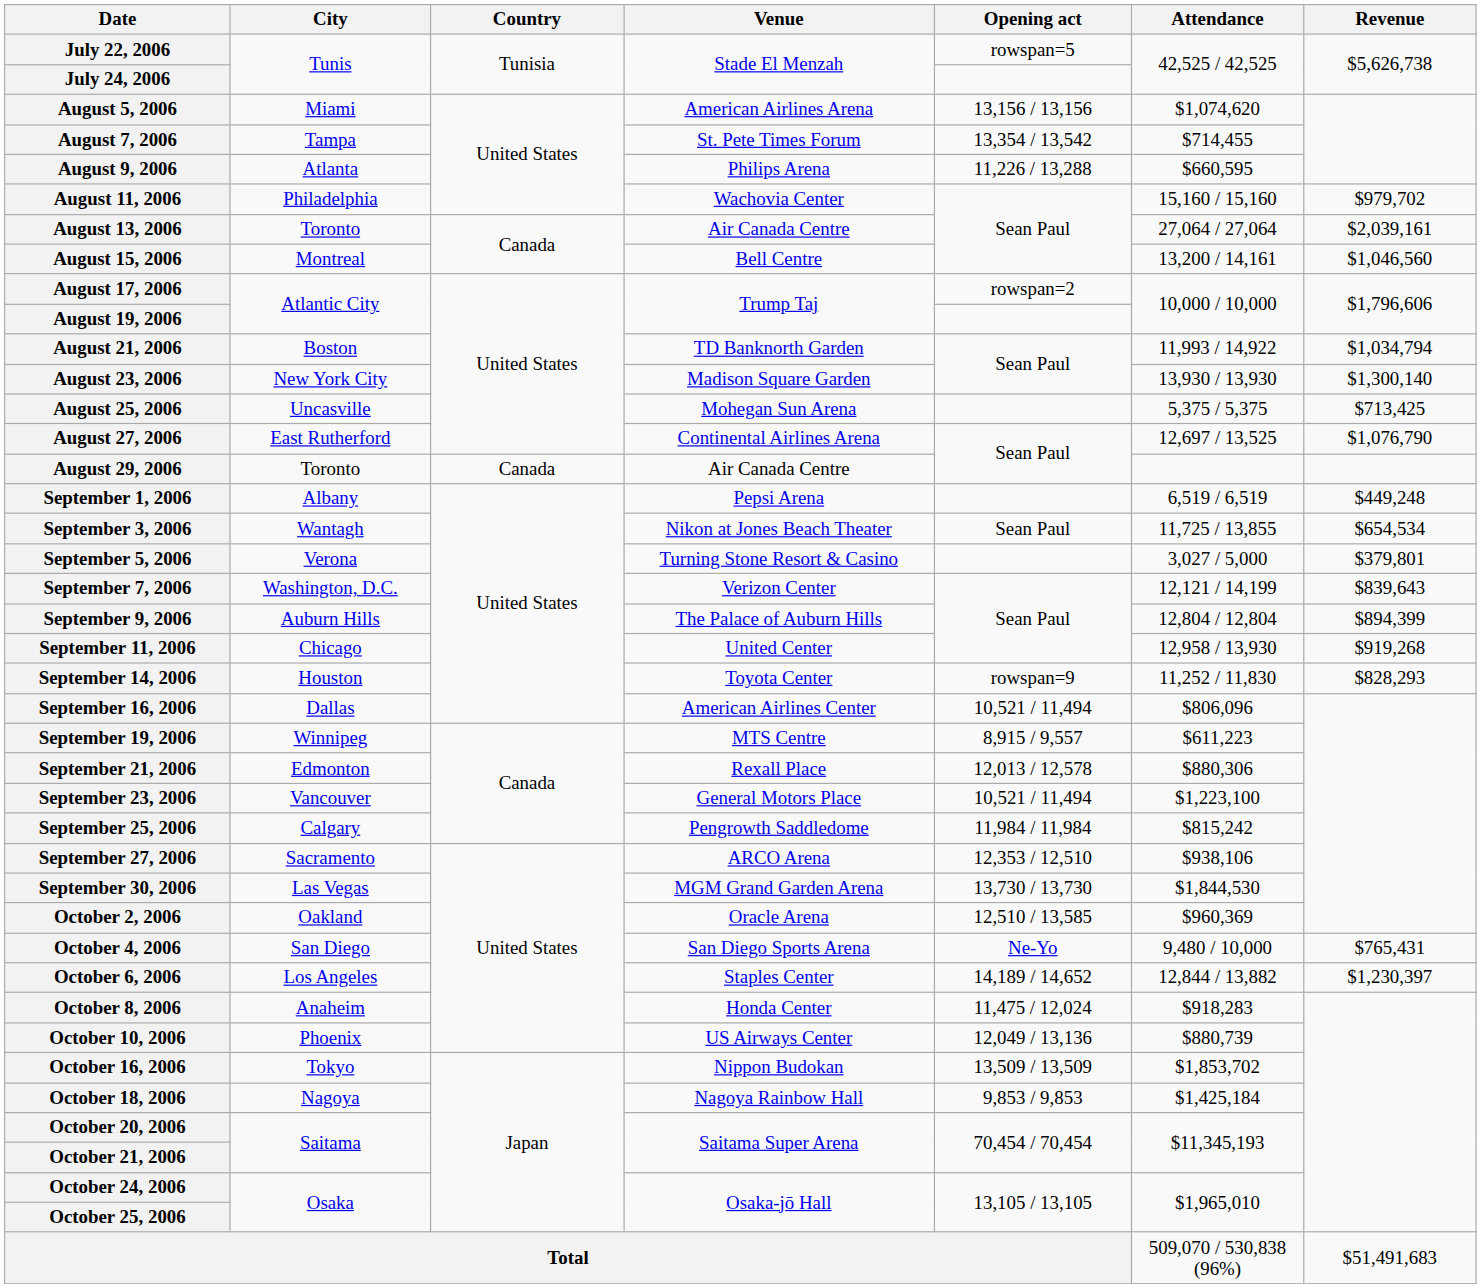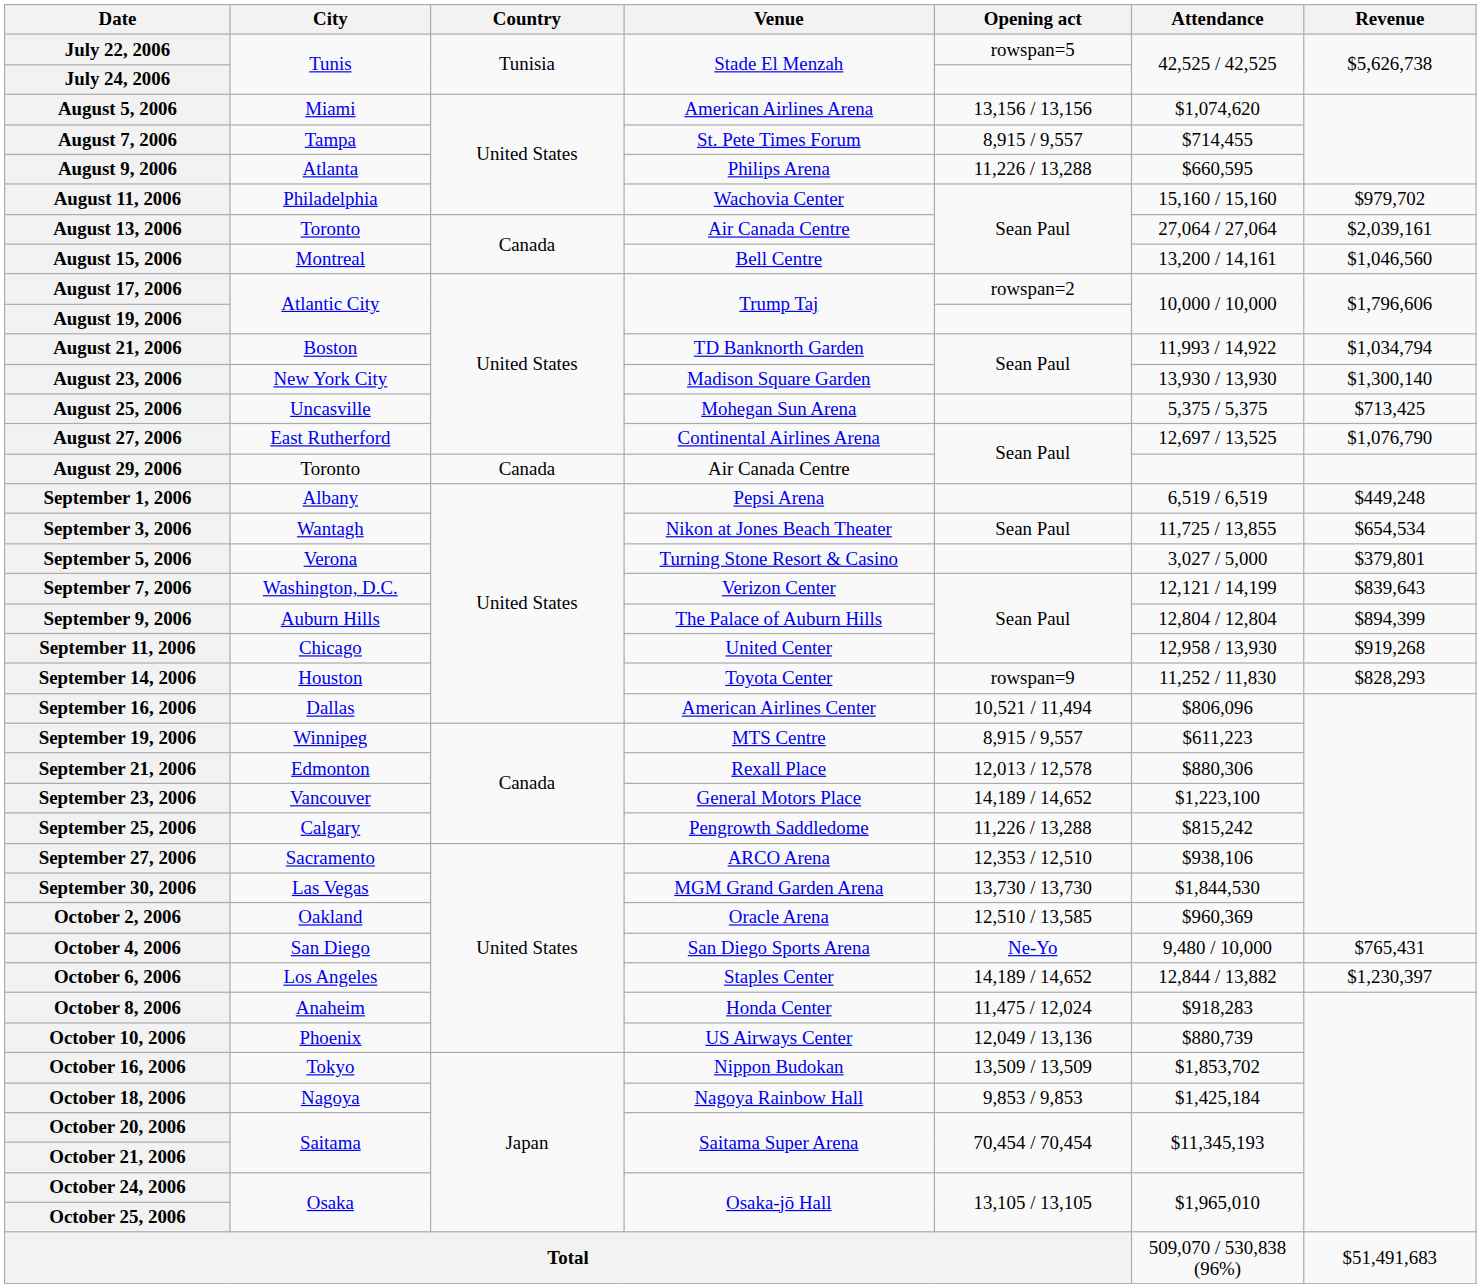 <table class="wikitable plainrowheaders" style="text-align:center;">
 <tr>
 <th scope="col" style="width:14em;">Date</th>
 <th scope="col" style="width:12em;">City</th>
 <th scope="col" style="width:12em;">Country</th>
 <th scope="col" style="width:20em;">Venue</th>
 <th scope="col" style="width:12em;">Opening act</th>
 <th scope="col" style="width:10em;">Attendance</th>
 <th scope="col" style="width:10em;">Revenue</th>
 </tr>
 <tr>
 <th scope="row">July 22, 2006</th>
 <td rowspan=2><a href='#'>Tunis</a></td>
 <td rowspan=2>Tunisia</td>
 <td rowspan=2><a href='#'>Stade El Menzah</a></td>
 <td>rowspan=5 </td>
 <td rowspan=2>42,525 / 42,525</td>
 <td rowspan=2>$5,626,738</td>
 </tr>
 <tr>
 <th scope="row">July 24, 2006</th>
 </tr>
 <tr>
 <th scope="row">August 5, 2006</th>
 <td><a href='#'>Miami</a></td>
 <td rowspan=4>United States</td>
 <td><a href='#'>American Airlines Arena</a></td>
 <td>13,156 / 13,156</td>
 <td>$1,074,620</td>
 </tr>
 <tr>
 <th scope="row">August 7, 2006</th>
 <td><a href='#'>Tampa</a></td>
 <td><a href='#'>St. Pete Times Forum</a></td>
-<td>13,354 / 13,542</td>
+<td>8,915 / 9,557</td>
 <td>$714,455</td>
 </tr>
 <tr>
 <th scope="row">August 9, 2006</th>
 <td><a href='#'>Atlanta</a></td>
 <td><a href='#'>Philips Arena</a></td>
 <td>11,226 / 13,288</td>
 <td>$660,595</td>
 </tr>
 <tr>
 <th scope="row">August 11, 2006</th>
 <td><a href='#'>Philadelphia</a></td>
 <td><a href='#'>Wachovia Center</a></td>
 <td rowspan="3">Sean Paul</td>
 <td>15,160 / 15,160</td>
 <td>$979,702</td>
 </tr>
 <tr>
 <th scope="row">August 13, 2006</th>
 <td><a href='#'>Toronto</a></td>
 <td rowspan=2>Canada</td>
 <td><a href='#'>Air Canada Centre</a></td>
 <td>27,064 / 27,064</td>
 <td>$2,039,161</td>
 </tr>
 <tr>
 <th scope="row">August 15, 2006</th>
 <td><a href='#'>Montreal</a></td>
 <td><a href='#'>Bell Centre</a></td>
 <td>13,200 / 14,161</td>
 <td>$1,046,560</td>
 </tr>
 <tr>
 <th scope="row">August 17, 2006</th>
 <td rowspan=2><a href='#'>Atlantic City</a></td>
 <td rowspan=6>United States</td>
 <td rowspan=2><a href='#'>Trump Taj</a></td>
 <td>rowspan=2 </td>
 <td rowspan=2>10,000 / 10,000</td>
 <td rowspan=2>$1,796,606</td>
 </tr>
 <tr>
 <th scope="row">August 19, 2006</th>
 </tr>
 <tr>
 <th scope="row">August 21, 2006</th>
 <td><a href='#'>Boston</a></td>
 <td><a href='#'>TD Banknorth Garden</a></td>
 <td rowspan="2">Sean Paul</td>
 <td>11,993 / 14,922</td>
 <td>$1,034,794</td>
 </tr>
 <tr>
 <th scope="row">August 23, 2006</th>
 <td><a href='#'>New York City</a></td>
 <td><a href='#'>Madison Square Garden</a></td>
 <td>13,930 / 13,930</td>
 <td>$1,300,140</td>
 </tr>
 <tr>
 <th scope="row">August 25, 2006</th>
 <td><a href='#'>Uncasville</a></td>
 <td><a href='#'>Mohegan Sun Arena</a></td>
 <td></td>
 <td>5,375 / 5,375</td>
 <td>$713,425</td>
 </tr>
 <tr>
 <th scope="row">August 27, 2006</th>
 <td><a href='#'>East Rutherford</a></td>
 <td><a href='#'>Continental Airlines Arena</a></td>
 <td rowspan="2">Sean Paul</td>
 <td>12,697 / 13,525</td>
 <td>$1,076,790</td>
 </tr>
 <tr>
 <th scope="row">August 29, 2006</th>
 <td>Toronto</td>
 <td>Canada</td>
 <td>Air Canada Centre</td>
 <td></td>
 <td></td>
 </tr>
 <tr>
 <th scope="row">September 1, 2006</th>
 <td><a href='#'>Albany</a></td>
 <td rowspan=8>United States</td>
 <td><a href='#'>Pepsi Arena</a></td>
 <td></td>
 <td>6,519 / 6,519</td>
 <td>$449,248</td>
 </tr>
 <tr>
 <th scope="row">September 3, 2006</th>
 <td><a href='#'>Wantagh</a></td>
 <td><a href='#'>Nikon at Jones Beach Theater</a></td>
 <td>Sean Paul</td>
 <td>11,725 / 13,855</td>
 <td>$654,534</td>
 </tr>
 <tr>
 <th scope="row">September 5, 2006</th>
 <td><a href='#'>Verona</a></td>
 <td><a href='#'>Turning Stone Resort & Casino</a></td>
 <td></td>
 <td>3,027 / 5,000</td>
 <td>$379,801</td>
 </tr>
 <tr>
 <th scope="row">September 7, 2006</th>
 <td><a href='#'>Washington, D.C.</a></td>
 <td><a href='#'>Verizon Center</a></td>
 <td rowspan="3">Sean Paul</td>
 <td>12,121 / 14,199</td>
 <td>$839,643</td>
 </tr>
 <tr>
 <th scope="row">September 9, 2006</th>
 <td><a href='#'>Auburn Hills</a></td>
 <td><a href='#'>The Palace of Auburn Hills</a></td>
 <td>12,804 / 12,804</td>
 <td>$894,399</td>
 </tr>
 <tr>
 <th scope="row">September 11, 2006</th>
 <td><a href='#'>Chicago</a></td>
 <td><a href='#'>United Center</a></td>
 <td>12,958 / 13,930</td>
 <td>$919,268</td>
 </tr>
 <tr>
 <th scope="row">September 14, 2006</th>
 <td><a href='#'>Houston</a></td>
 <td><a href='#'>Toyota Center</a></td>
 <td>rowspan=9 </td>
 <td>11,252 / 11,830</td>
 <td>$828,293</td>
 </tr>
 <tr>
 <th scope="row">September 16, 2006</th>
 <td><a href='#'>Dallas</a></td>
 <td><a href='#'>American Airlines Center</a></td>
 <td>10,521 / 11,494</td>
 <td>$806,096</td>
 </tr>
 <tr>
 <th scope="row">September 19, 2006</th>
 <td><a href='#'>Winnipeg</a></td>
 <td rowspan=4>Canada</td>
 <td><a href='#'>MTS Centre</a></td>
 <td>8,915 / 9,557</td>
 <td>$611,223</td>
 </tr>
 <tr>
 <th scope="row">September 21, 2006</th>
 <td><a href='#'>Edmonton</a></td>
 <td><a href='#'>Rexall Place</a></td>
 <td>12,013 / 12,578</td>
 <td>$880,306</td>
 </tr>
 <tr>
 <th scope="row">September 23, 2006</th>
 <td><a href='#'>Vancouver</a></td>
 <td><a href='#'>General Motors Place</a></td>
-<td>10,521 / 11,494</td>
+<td>14,189 / 14,652</td>
 <td>$1,223,100</td>
 </tr>
 <tr>
 <th scope="row">September 25, 2006</th>
 <td><a href='#'>Calgary</a></td>
 <td><a href='#'>Pengrowth Saddledome</a></td>
-<td>11,984 / 11,984</td>
+<td>11,226 / 13,288</td>
 <td>$815,242</td>
 </tr>
 <tr>
 <th scope="row">September 27, 2006</th>
 <td><a href='#'>Sacramento</a></td>
 <td rowspan=7>United States</td>
 <td><a href='#'>ARCO Arena</a></td>
 <td>12,353 / 12,510</td>
 <td>$938,106</td>
 </tr>
 <tr>
 <th scope="row">September 30, 2006</th>
 <td><a href='#'>Las Vegas</a></td>
 <td><a href='#'>MGM Grand Garden Arena</a></td>
 <td>13,730 / 13,730</td>
 <td>$1,844,530</td>
 </tr>
 <tr>
 <th scope="row">October 2, 2006</th>
 <td><a href='#'>Oakland</a></td>
 <td><a href='#'>Oracle Arena</a></td>
 <td>12,510 / 13,585</td>
 <td>$960,369</td>
 </tr>
 <tr>
 <th scope="row">October 4, 2006</th>
 <td><a href='#'>San Diego</a></td>
 <td><a href='#'>San Diego Sports Arena</a></td>
 <td><a href='#'>Ne-Yo</a></td>
 <td>9,480 / 10,000</td>
 <td>$765,431</td>
 </tr>
 <tr>
 <th scope="row">October 6, 2006</th>
 <td><a href='#'>Los Angeles</a></td>
 <td><a href='#'>Staples Center</a></td>
 <td>14,189 / 14,652</td>
 <td>12,844 / 13,882</td>
 <td>$1,230,397</td>
 </tr>
 <tr>
 <th scope="row">October 8, 2006</th>
 <td><a href='#'>Anaheim</a></td>
 <td><a href='#'>Honda Center</a></td>
 <td>11,475 / 12,024</td>
 <td>$918,283</td>
 </tr>
 <tr>
 <th scope="row">October 10, 2006</th>
 <td><a href='#'>Phoenix</a></td>
 <td><a href='#'>US Airways Center</a></td>
 <td>12,049 / 13,136</td>
 <td>$880,739</td>
 </tr>
 <tr>
 <th scope="row">October 16, 2006</th>
 <td><a href='#'>Tokyo</a></td>
 <td rowspan=6>Japan</td>
 <td><a href='#'>Nippon Budokan</a></td>
 <td>13,509 / 13,509</td>
 <td>$1,853,702</td>
 </tr>
 <tr>
 <th scope="row">October 18, 2006</th>
 <td><a href='#'>Nagoya</a></td>
 <td><a href='#'>Nagoya Rainbow Hall</a></td>
 <td>9,853 / 9,853</td>
 <td>$1,425,184</td>
 </tr>
 <tr>
 <th scope="row">October 20, 2006</th>
 <td rowspan=2><a href='#'>Saitama</a></td>
 <td rowspan=2><a href='#'>Saitama Super Arena</a></td>
 <td rowspan=2>70,454 / 70,454</td>
 <td rowspan=2>$11,345,193</td>
 </tr>
 <tr>
 <th scope="row">October 21, 2006</th>
 </tr>
 <tr>
 <th scope="row">October 24, 2006</th>
 <td rowspan=2><a href='#'>Osaka</a></td>
 <td rowspan=2><a href='#'>Osaka-jō Hall</a></td>
 <td rowspan=2>13,105 / 13,105</td>
 <td rowspan=2>$1,965,010</td>
 </tr>
 <tr>
 <th scope="row">October 25, 2006</th>
 </tr>
 <tr>
 <th colspan=5>Total</th>
 <td>509,070 / 530,838 (96%)</td>
 <td>$51,491,683</td>
 </tr>
 </table>
